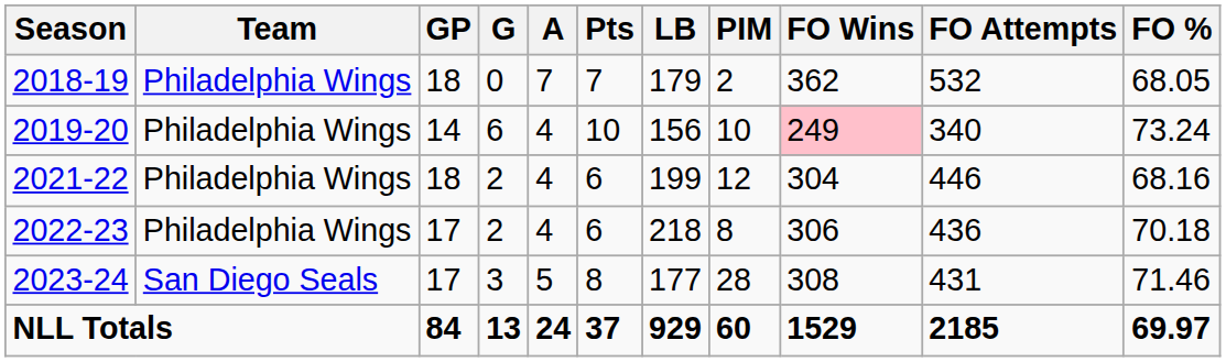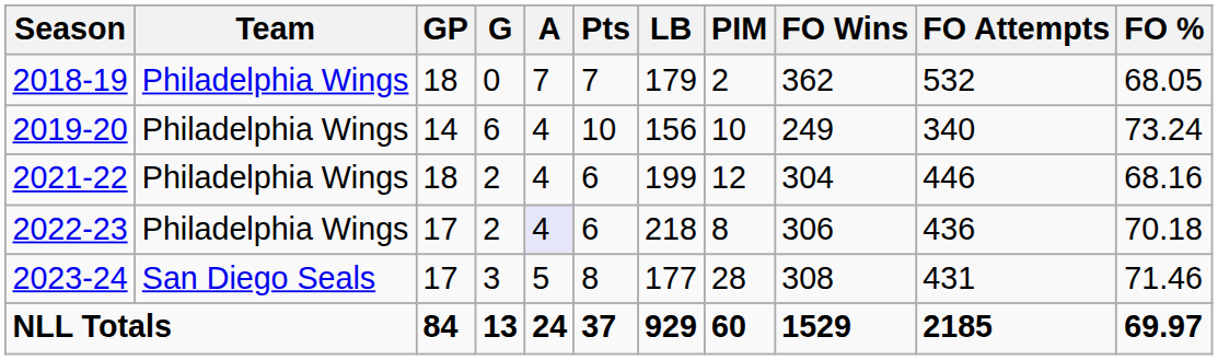 <table class="wikitable">
 <tr>
 <th>Season</th>
 <th>Team</th>
 <th>GP</th>
 <th>G</th>
 <th>A</th>
 <th>Pts</th>
 <th>LB</th>
 <th>PIM</th>
 <th>FO Wins</th>
 <th>FO Attempts</th>
 <th>FO %</th>
 </tr>
 <tr>
 <td><a href='#'>2018-19</a></td>
 <td><a href='#'>Philadelphia Wings</a></td>
 <td>18</td>
 <td>0</td>
 <td>7</td>
 <td>7</td>
 <td>179</td>
 <td>2</td>
 <td>362</td>
 <td>532</td>
 <td>68.05</td>
 </tr>
 <tr>
 <td><a href='#'>2019-20</a></td>
 <td>Philadelphia Wings</td>
 <td>14</td>
 <td>6</td>
 <td>4</td>
 <td>10</td>
 <td>156</td>
 <td>10</td>
-<td style="background: pink;">249</td>
+<td>249</td>
 <td>340</td>
 <td>73.24</td>
 </tr>
 <tr>
 <td><a href='#'>2021-22</a></td>
 <td>Philadelphia Wings</td>
 <td>18</td>
 <td>2</td>
 <td>4</td>
 <td>6</td>
 <td>199</td>
 <td>12</td>
 <td>304</td>
 <td>446</td>
 <td>68.16</td>
 </tr>
 <tr>
 <td><a href='#'>2022-23</a></td>
 <td>Philadelphia Wings</td>
 <td>17</td>
 <td>2</td>
-<td>4</td>
+<td style="background: lavender;">4</td>
 <td>6</td>
 <td>218</td>
 <td>8</td>
 <td>306</td>
 <td>436</td>
 <td>70.18</td>
 </tr>
 <tr>
 <td><a href='#'>2023-24</a></td>
 <td><a href='#'>San Diego Seals</a></td>
 <td>17</td>
 <td>3</td>
 <td>5</td>
 <td>8</td>
 <td>177</td>
 <td>28</td>
 <td>308</td>
 <td>431</td>
 <td>71.46</td>
 </tr>
 <tr>
 <td colspan="2"><strong>NLL Totals</strong></td>
 <td><strong>84</strong></td>
 <td><strong>13</strong></td>
 <td><strong>24</strong></td>
 <td><strong>37</strong></td>
 <td><strong>929</strong></td>
 <td><strong>60</strong></td>
 <td><strong>1529</strong></td>
 <td><strong>2185</strong></td>
 <td><strong>69.97</strong></td>
 </tr>
 </table>
